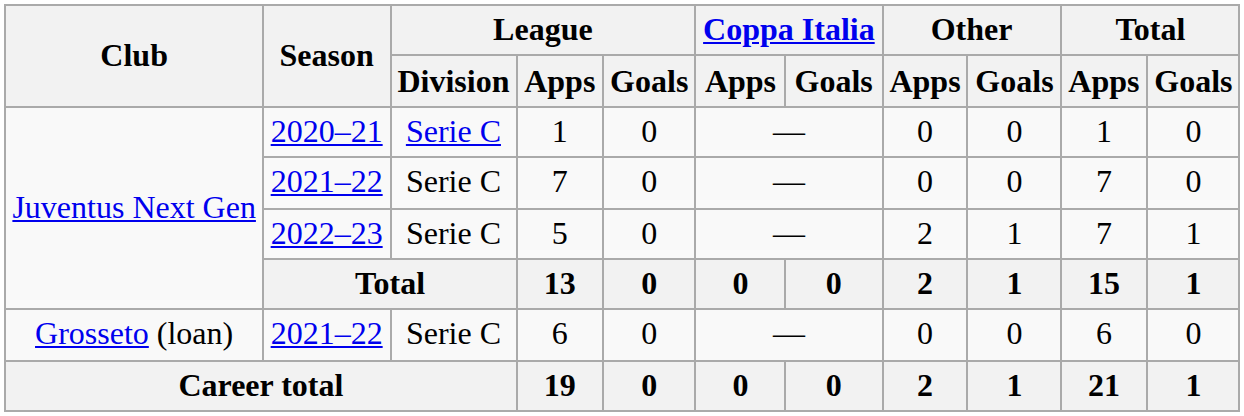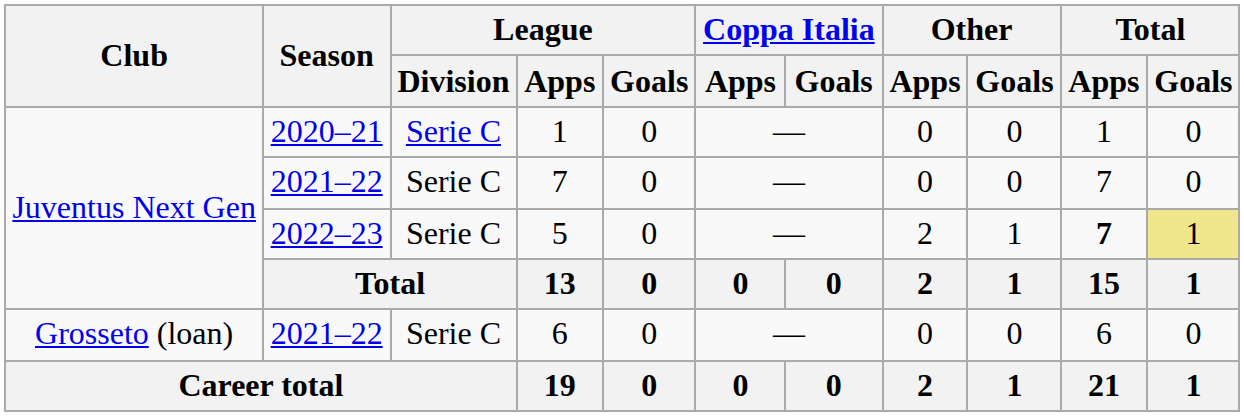 <table class="wikitable" style="text-align:center">
 <tr>
 <th rowspan="2">Club</th>
 <th rowspan="2">Season</th>
 <th colspan="3">League</th>
 <th colspan="2"><a href='#'>Coppa Italia</a></th>
 <th colspan="2">Other</th>
 <th colspan="2">Total</th>
 </tr>
 <tr>
 <th>Division</th>
 <th>Apps</th>
 <th>Goals</th>
 <th>Apps</th>
 <th>Goals</th>
 <th>Apps</th>
 <th>Goals</th>
 <th>Apps</th>
 <th>Goals</th>
 </tr>
 <tr>
 <td rowspan="4"><a href='#'>Juventus Next Gen</a></td>
 <td><a href='#'>2020–21</a></td>
 <td><a href='#'>Serie C</a></td>
 <td>1</td>
 <td>0</td>
 <td colspan="2">—</td>
 <td>0</td>
 <td>0</td>
 <td>1</td>
 <td>0</td>
 </tr>
 <tr>
 <td><a href='#'>2021–22</a></td>
 <td>Serie C</td>
 <td>7</td>
 <td>0</td>
 <td colspan="2">—</td>
 <td>0</td>
 <td>0</td>
 <td>7</td>
 <td>0</td>
 </tr>
 <tr>
 <td><a href='#'>2022–23</a></td>
 <td>Serie C</td>
 <td>5</td>
 <td>0</td>
 <td colspan="2">—</td>
 <td>2</td>
 <td>1</td>
-<td>7</td>
-<td>1</td>
+<td><strong>7</strong></td>
+<td style="background: khaki;">1</td>
 </tr>
 <tr>
 <th colspan="2">Total</th>
 <th>13</th>
 <th>0</th>
 <th>0</th>
 <th>0</th>
 <th>2</th>
 <th>1</th>
 <th>15</th>
 <th>1</th>
 </tr>
 <tr>
 <td><a href='#'>Grosseto</a> (loan)</td>
 <td><a href='#'>2021–22</a></td>
 <td>Serie C</td>
 <td>6</td>
 <td>0</td>
 <td colspan="2">—</td>
 <td>0</td>
 <td>0</td>
 <td>6</td>
 <td>0</td>
 </tr>
 <tr>
 <th colspan="3">Career total</th>
 <th>19</th>
 <th>0</th>
 <th>0</th>
 <th>0</th>
 <th>2</th>
 <th>1</th>
 <th>21</th>
 <th>1</th>
 </tr>
 </table>
